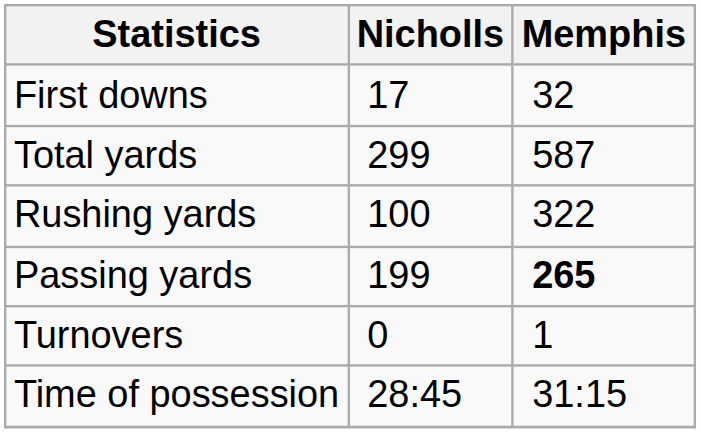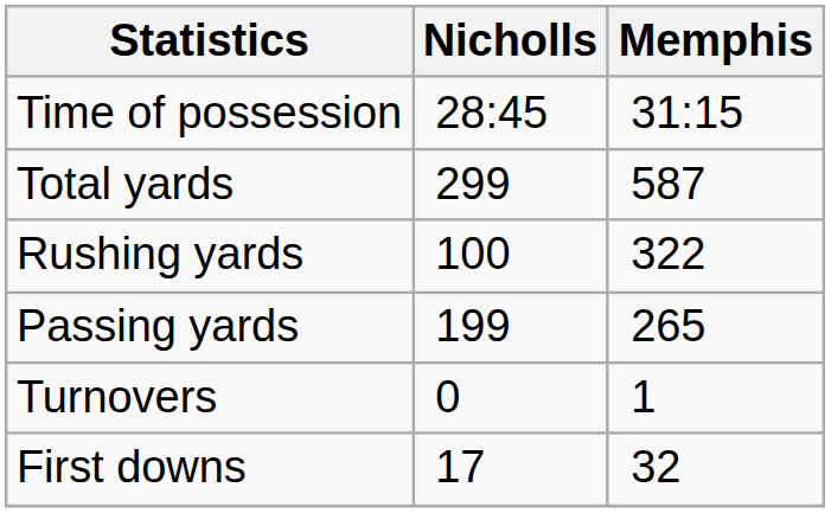 <table class="wikitable">
 <tr>
 <th>Statistics</th>
 <th>Nicholls</th>
 <th>Memphis</th>
 </tr>
 <tr>
-<td>First downs</td>
-<td> 17</td>
-<td> 32</td>
+<td>Time of possession</td>
+<td> 28:45</td>
+<td> 31:15</td>
 </tr>
 <tr>
 <td>Total yards</td>
 <td> 299</td>
 <td> 587</td>
 </tr>
 <tr>
 <td>Rushing yards</td>
 <td> 100</td>
 <td> 322</td>
 </tr>
 <tr>
 <td>Passing yards</td>
 <td> 199</td>
-<td><strong> 265</strong></td>
+<td> 265</td>
 </tr>
 <tr>
 <td>Turnovers</td>
 <td> 0</td>
 <td> 1</td>
 </tr>
 <tr>
-<td>Time of possession</td>
-<td> 28:45</td>
-<td> 31:15</td>
+<td>First downs</td>
+<td> 17</td>
+<td> 32</td>
 </tr>
 <tr>
 </tr>
 </table>
